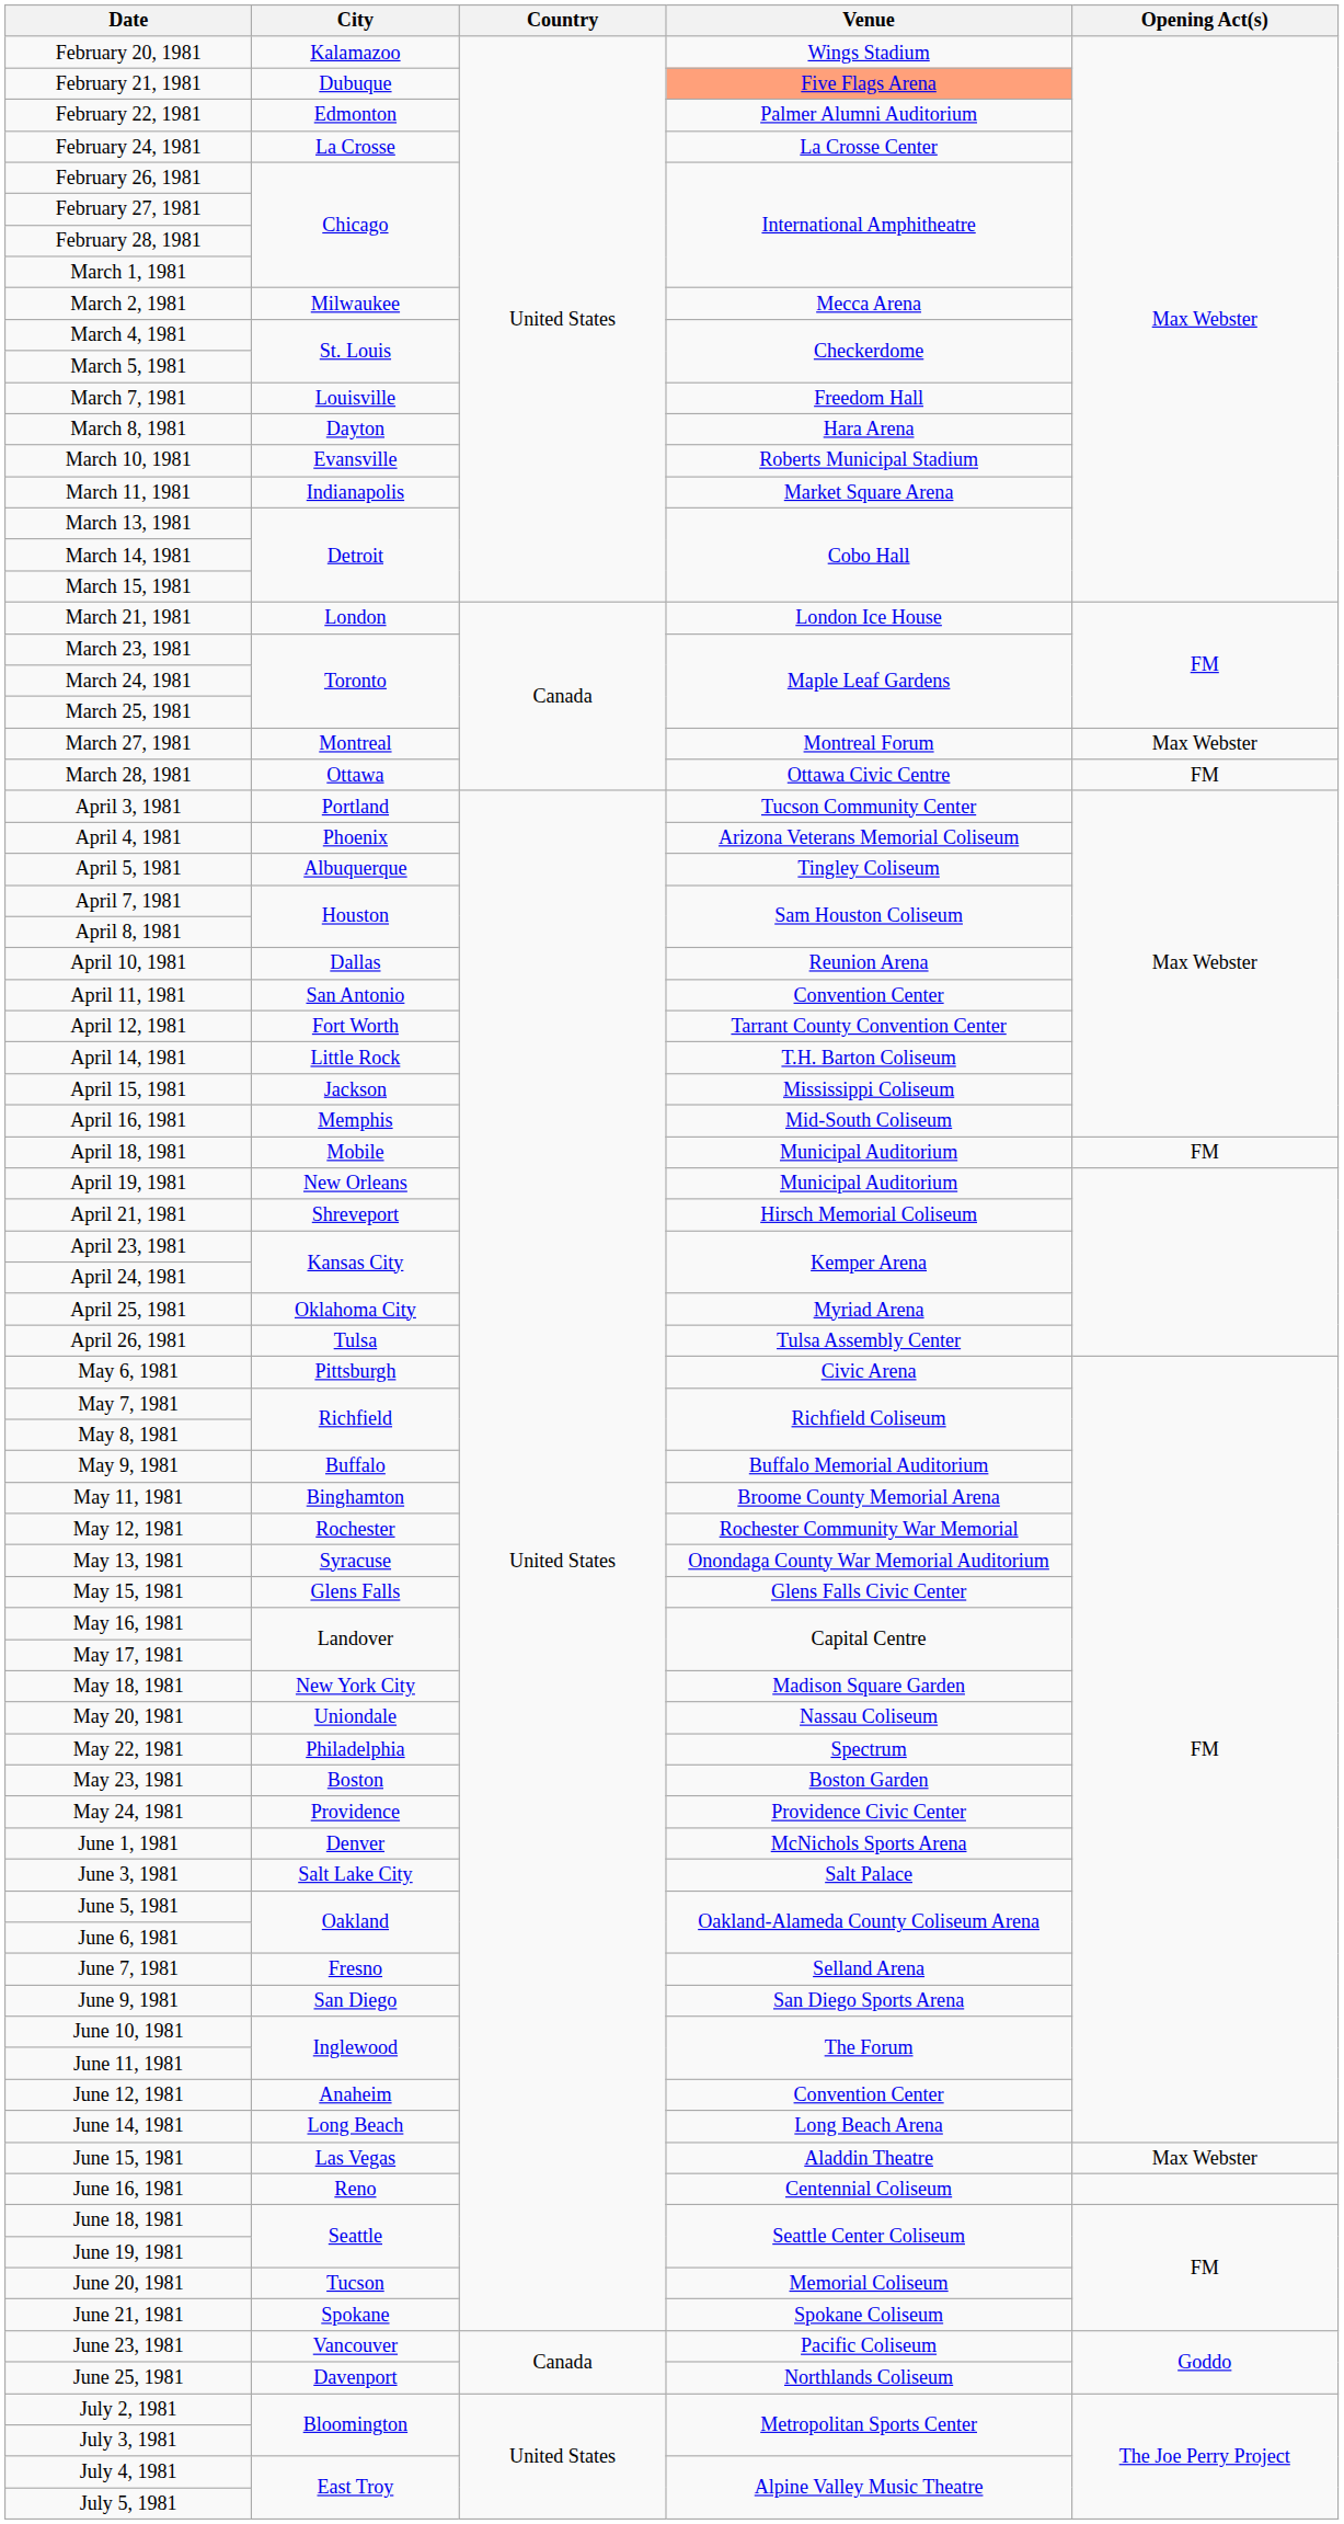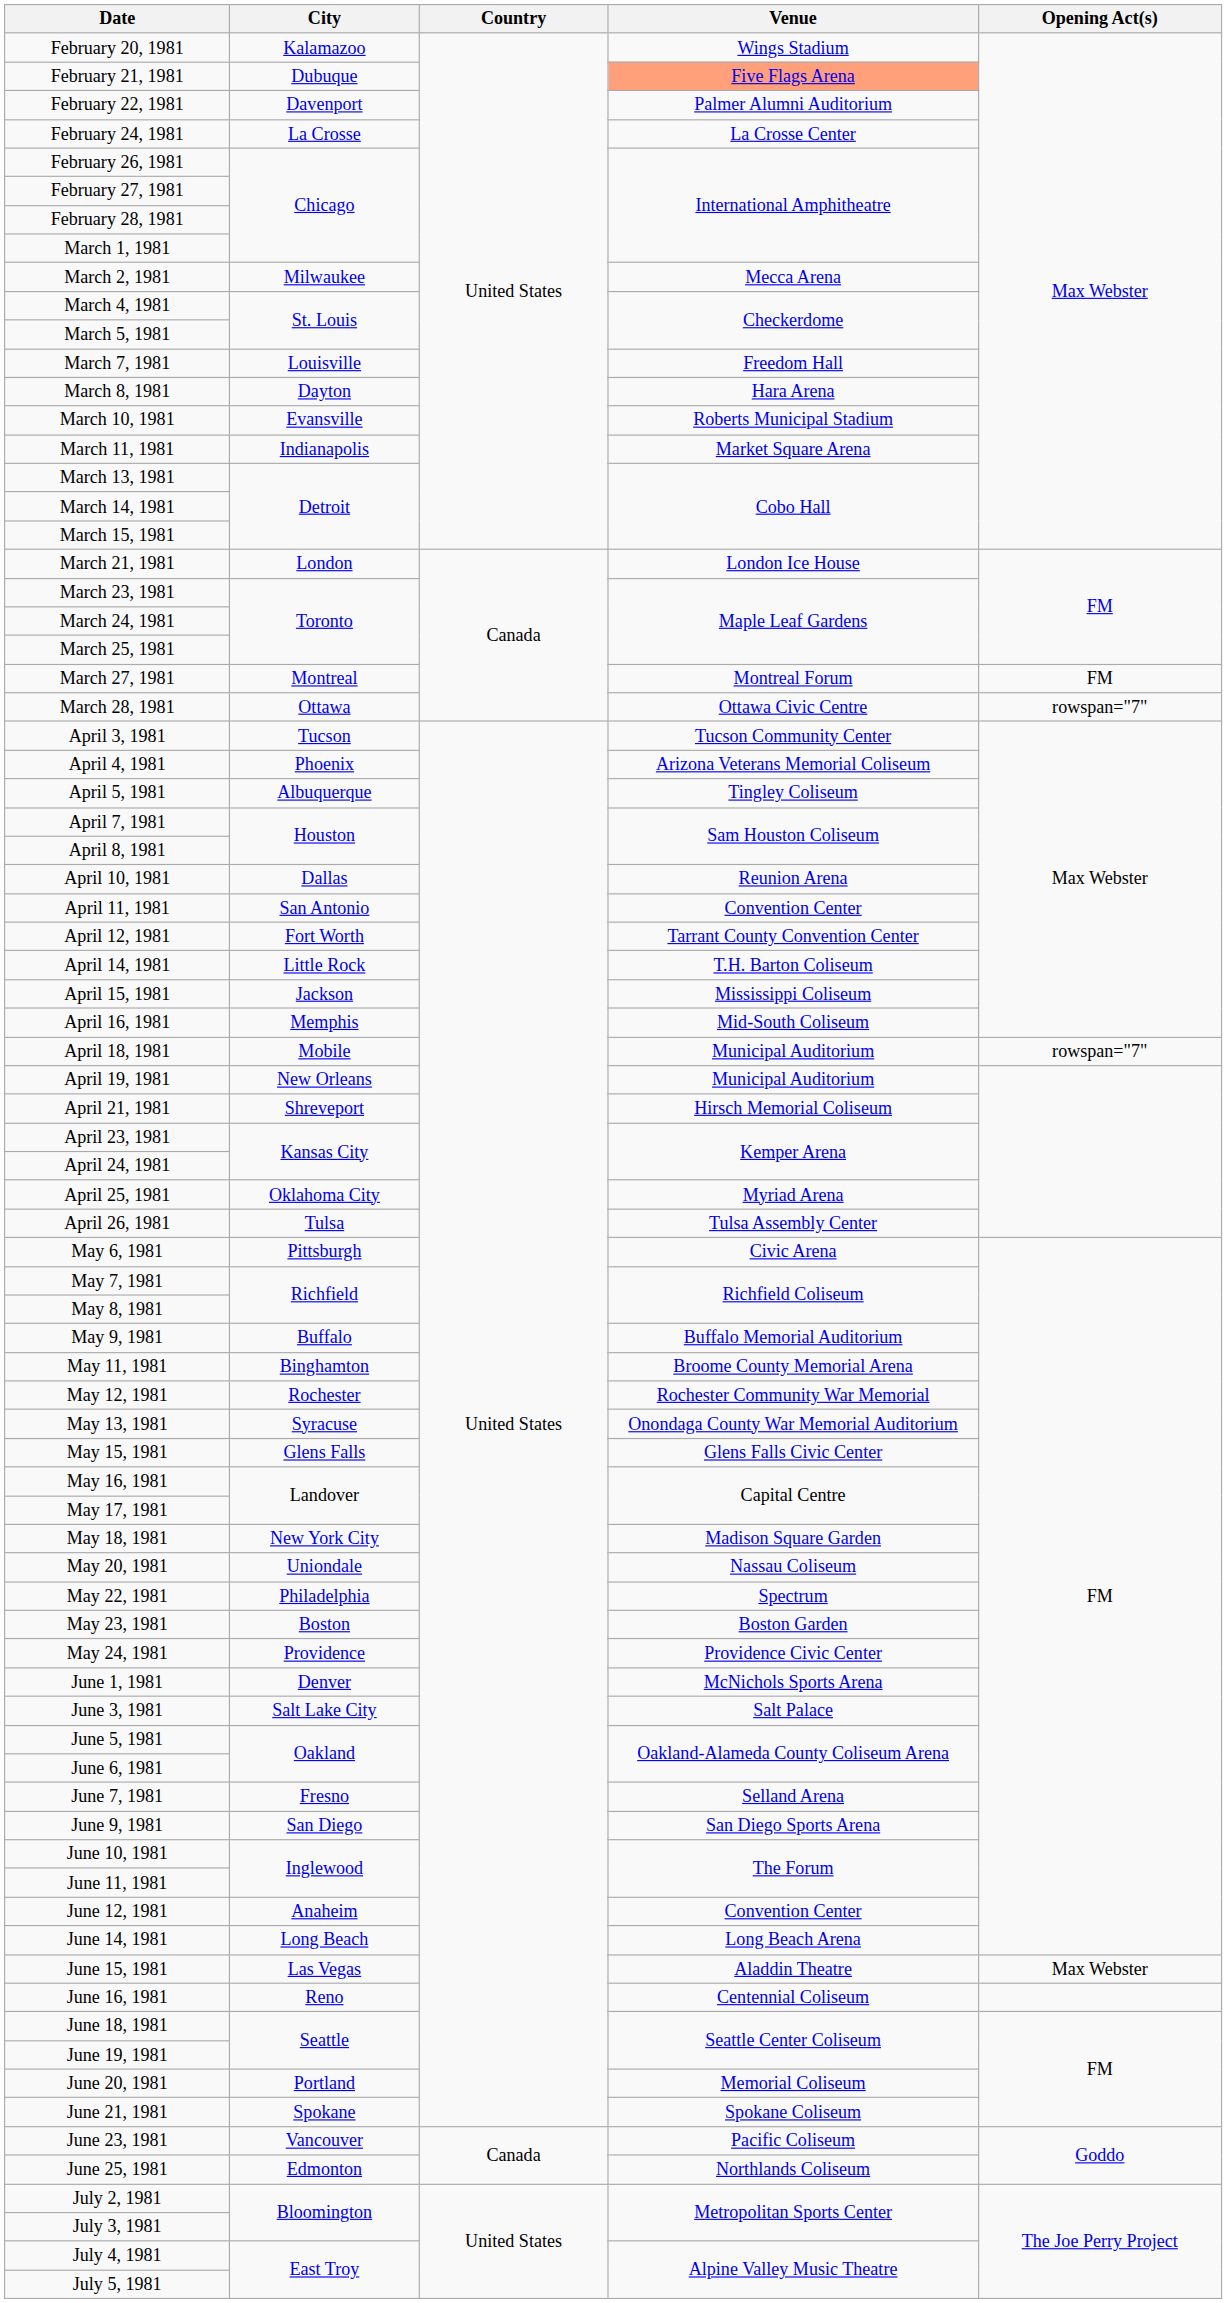 <table class="wikitable plainrowheaders" style="text-align:center;">
 <tr>
 <th scope="col" style="width:12em;">Date</th>
 <th scope="col" style="width:10em;">City</th>
 <th scope="col" style="width:10em;">Country</th>
 <th scope="col" style="width:20em;">Venue</th>
 <th scope="col" style="width:13em;">Opening Act(s)</th>
 </tr>
 <tr>
 <td>February 20, 1981</td>
 <td><a href='#'>Kalamazoo</a></td>
 <td rowspan="18">United States</td>
 <td><a href='#'>Wings Stadium</a></td>
 <td rowspan="18"><a href='#'>Max Webster</a></td>
 </tr>
 <tr>
 <td>February 21, 1981</td>
 <td><a href='#'>Dubuque</a></td>
 <td style="background: lightsalmon;"><a href='#'>Five Flags Arena</a></td>
 </tr>
 <tr>
 <td>February 22, 1981</td>
-<td><a href='#'>Edmonton</a></td>
+<td><a href='#'>Davenport</a></td>
 <td><a href='#'>Palmer Alumni Auditorium</a></td>
 </tr>
 <tr>
 <td>February 24, 1981</td>
 <td><a href='#'>La Crosse</a></td>
 <td><a href='#'>La Crosse Center</a></td>
 </tr>
 <tr>
 <td>February 26, 1981</td>
 <td rowspan="4"><a href='#'>Chicago</a></td>
 <td rowspan="4"><a href='#'>International Amphitheatre</a></td>
 </tr>
 <tr>
 <td>February 27, 1981</td>
 </tr>
 <tr>
 <td>February 28, 1981</td>
 </tr>
 <tr>
 <td>March 1, 1981</td>
 </tr>
 <tr>
 <td>March 2, 1981</td>
 <td><a href='#'>Milwaukee</a></td>
 <td><a href='#'>Mecca Arena</a></td>
 </tr>
 <tr>
 <td>March 4, 1981</td>
 <td rowspan="2"><a href='#'>St. Louis</a></td>
 <td rowspan="2"><a href='#'>Checkerdome</a></td>
 </tr>
 <tr>
 <td>March 5, 1981</td>
 </tr>
 <tr>
 <td>March 7, 1981</td>
 <td><a href='#'>Louisville</a></td>
 <td><a href='#'>Freedom Hall</a></td>
 </tr>
 <tr>
 <td>March 8, 1981</td>
 <td><a href='#'>Dayton</a></td>
 <td><a href='#'>Hara Arena</a></td>
 </tr>
 <tr>
 <td>March 10, 1981</td>
 <td><a href='#'>Evansville</a></td>
 <td><a href='#'>Roberts Municipal Stadium</a></td>
 </tr>
 <tr>
 <td>March 11, 1981</td>
 <td><a href='#'>Indianapolis</a></td>
 <td><a href='#'>Market Square Arena</a></td>
 </tr>
 <tr>
 <td>March 13, 1981</td>
 <td rowspan="3"><a href='#'>Detroit</a></td>
 <td rowspan="3"><a href='#'>Cobo Hall</a></td>
 </tr>
 <tr>
 <td>March 14, 1981</td>
 </tr>
 <tr>
 <td>March 15, 1981</td>
 </tr>
 <tr>
 <td>March 21, 1981</td>
 <td><a href='#'>London</a></td>
 <td rowspan="6">Canada</td>
 <td><a href='#'>London Ice House</a></td>
 <td rowspan="4"><a href='#'>FM</a></td>
 </tr>
 <tr>
 <td>March 23, 1981</td>
 <td rowspan="3"><a href='#'>Toronto</a></td>
 <td rowspan="3"><a href='#'>Maple Leaf Gardens</a></td>
 </tr>
 <tr>
 <td>March 24, 1981</td>
 </tr>
 <tr>
 <td>March 25, 1981</td>
 </tr>
 <tr>
 <td>March 27, 1981</td>
 <td><a href='#'>Montreal</a></td>
 <td><a href='#'>Montreal Forum</a></td>
-<td>Max Webster</td>
+<td>FM</td>
 </tr>
 <tr>
 <td>March 28, 1981</td>
 <td><a href='#'>Ottawa</a></td>
 <td><a href='#'>Ottawa Civic Centre</a></td>
-<td>FM</td>
+<td>rowspan="7" </td>
 </tr>
 <tr>
 <td>April 3, 1981</td>
-<td><a href='#'>Portland</a></td>
+<td><a href='#'>Tucson</a></td>
 <td rowspan="49">United States</td>
 <td><a href='#'>Tucson Community Center</a></td>
 <td rowspan="11">Max Webster</td>
 </tr>
 <tr>
 <td>April 4, 1981</td>
 <td><a href='#'>Phoenix</a></td>
 <td><a href='#'>Arizona Veterans Memorial Coliseum</a></td>
 </tr>
 <tr>
 <td>April 5, 1981</td>
 <td><a href='#'>Albuquerque</a></td>
 <td><a href='#'>Tingley Coliseum</a></td>
 </tr>
 <tr>
 <td>April 7, 1981</td>
 <td rowspan="2"><a href='#'>Houston</a></td>
 <td rowspan="2"><a href='#'>Sam Houston Coliseum</a></td>
 </tr>
 <tr>
 <td>April 8, 1981</td>
 </tr>
 <tr>
 <td>April 10, 1981</td>
 <td><a href='#'>Dallas</a></td>
 <td><a href='#'>Reunion Arena</a></td>
 </tr>
 <tr>
 <td>April 11, 1981</td>
 <td><a href='#'>San Antonio</a></td>
 <td><a href='#'>Convention Center</a></td>
 </tr>
 <tr>
 <td>April 12, 1981</td>
 <td><a href='#'>Fort Worth</a></td>
 <td><a href='#'>Tarrant County Convention Center</a></td>
 </tr>
 <tr>
 <td>April 14, 1981</td>
 <td><a href='#'>Little Rock</a></td>
 <td><a href='#'>T.H. Barton Coliseum</a></td>
 </tr>
 <tr>
 <td>April 15, 1981</td>
 <td><a href='#'>Jackson</a></td>
 <td><a href='#'>Mississippi Coliseum</a></td>
 </tr>
 <tr>
 <td>April 16, 1981</td>
 <td><a href='#'>Memphis</a></td>
 <td><a href='#'>Mid-South Coliseum</a></td>
 </tr>
 <tr>
 <td>April 18, 1981</td>
 <td><a href='#'>Mobile</a></td>
 <td><a href='#'>Municipal Auditorium</a></td>
-<td>FM</td>
+<td>rowspan="7" </td>
 </tr>
 <tr>
 <td>April 19, 1981</td>
 <td><a href='#'>New Orleans</a></td>
 <td><a href='#'>Municipal Auditorium</a></td>
 </tr>
 <tr>
 <td>April 21, 1981</td>
 <td><a href='#'>Shreveport</a></td>
 <td><a href='#'>Hirsch Memorial Coliseum</a></td>
 </tr>
 <tr>
 <td>April 23, 1981</td>
 <td rowspan="2"><a href='#'>Kansas City</a></td>
 <td rowspan="2"><a href='#'>Kemper Arena</a></td>
 </tr>
 <tr>
 <td>April 24, 1981</td>
 </tr>
 <tr>
 <td>April 25, 1981</td>
 <td><a href='#'>Oklahoma City</a></td>
 <td><a href='#'>Myriad Arena</a></td>
 </tr>
 <tr>
 <td>April 26, 1981</td>
 <td><a href='#'>Tulsa</a></td>
 <td><a href='#'>Tulsa Assembly Center</a></td>
 </tr>
 <tr>
 <td>May 6, 1981</td>
 <td><a href='#'>Pittsburgh</a></td>
 <td><a href='#'>Civic Arena</a></td>
 <td rowspan="25">FM</td>
 </tr>
 <tr>
 <td>May 7, 1981</td>
 <td rowspan="2"><a href='#'>Richfield</a></td>
 <td rowspan="2"><a href='#'>Richfield Coliseum</a></td>
 </tr>
 <tr>
 <td>May 8, 1981</td>
 </tr>
 <tr>
 <td>May 9, 1981</td>
 <td><a href='#'>Buffalo</a></td>
 <td><a href='#'>Buffalo Memorial Auditorium</a></td>
 </tr>
 <tr>
 <td>May 11, 1981</td>
 <td><a href='#'>Binghamton</a></td>
 <td><a href='#'>Broome County Memorial Arena</a></td>
 </tr>
 <tr>
 <td>May 12, 1981</td>
 <td><a href='#'>Rochester</a></td>
 <td><a href='#'>Rochester Community War Memorial</a></td>
 </tr>
 <tr>
 <td>May 13, 1981</td>
 <td><a href='#'>Syracuse</a></td>
 <td><a href='#'>Onondaga County War Memorial Auditorium</a></td>
 </tr>
 <tr>
 <td>May 15, 1981</td>
 <td><a href='#'>Glens Falls</a></td>
 <td><a href='#'>Glens Falls Civic Center</a></td>
 </tr>
 <tr>
 <td>May 16, 1981</td>
 <td rowspan="2">Landover</td>
 <td rowspan="2">Capital Centre</td>
 </tr>
 <tr>
 <td>May 17, 1981</td>
 </tr>
 <tr>
 <td>May 18, 1981</td>
 <td><a href='#'>New York City</a></td>
 <td><a href='#'>Madison Square Garden</a></td>
 </tr>
 <tr>
 <td>May 20, 1981</td>
 <td><a href='#'>Uniondale</a></td>
 <td><a href='#'>Nassau Coliseum</a></td>
 </tr>
 <tr>
 <td>May 22, 1981</td>
 <td><a href='#'>Philadelphia</a></td>
 <td><a href='#'>Spectrum</a></td>
 </tr>
 <tr>
 <td>May 23, 1981</td>
 <td><a href='#'>Boston</a></td>
 <td><a href='#'>Boston Garden</a></td>
 </tr>
 <tr>
 <td>May 24, 1981</td>
 <td><a href='#'>Providence</a></td>
 <td><a href='#'>Providence Civic Center</a></td>
 </tr>
 <tr>
 <td>June 1, 1981</td>
 <td><a href='#'>Denver</a></td>
 <td><a href='#'>McNichols Sports Arena</a></td>
 </tr>
 <tr>
 <td>June 3, 1981</td>
 <td><a href='#'>Salt Lake City</a></td>
 <td><a href='#'>Salt Palace</a></td>
 </tr>
 <tr>
 <td>June 5, 1981</td>
 <td rowspan="2"><a href='#'>Oakland</a></td>
 <td rowspan="2"><a href='#'>Oakland-Alameda County Coliseum Arena</a></td>
 </tr>
 <tr>
 <td>June 6, 1981</td>
 </tr>
 <tr>
 <td>June 7, 1981</td>
 <td><a href='#'>Fresno</a></td>
 <td><a href='#'>Selland Arena</a></td>
 </tr>
 <tr>
 <td>June 9, 1981</td>
 <td><a href='#'>San Diego</a></td>
 <td><a href='#'>San Diego Sports Arena</a></td>
 </tr>
 <tr>
 <td>June 10, 1981</td>
 <td rowspan="2"><a href='#'>Inglewood</a></td>
 <td rowspan="2"><a href='#'>The Forum</a></td>
 </tr>
 <tr>
 <td>June 11, 1981</td>
 </tr>
 <tr>
 <td>June 12, 1981</td>
 <td><a href='#'>Anaheim</a></td>
 <td><a href='#'>Convention Center</a></td>
 </tr>
 <tr>
 <td>June 14, 1981</td>
 <td><a href='#'>Long Beach</a></td>
 <td><a href='#'>Long Beach Arena</a></td>
 </tr>
 <tr>
 <td>June 15, 1981</td>
 <td><a href='#'>Las Vegas</a></td>
 <td><a href='#'>Aladdin Theatre</a></td>
 <td>Max Webster</td>
 </tr>
 <tr>
 <td>June 16, 1981</td>
 <td><a href='#'>Reno</a></td>
 <td><a href='#'>Centennial Coliseum</a></td>
 </tr>
 <tr>
 <td>June 18, 1981</td>
 <td rowspan="2"><a href='#'>Seattle</a></td>
 <td rowspan="2"><a href='#'>Seattle Center Coliseum</a></td>
 <td rowspan="4">FM</td>
 </tr>
 <tr>
 <td>June 19, 1981</td>
 </tr>
 <tr>
 <td>June 20, 1981</td>
-<td><a href='#'>Tucson</a></td>
+<td><a href='#'>Portland</a></td>
 <td><a href='#'>Memorial Coliseum</a></td>
 </tr>
 <tr>
 <td>June 21, 1981</td>
 <td><a href='#'>Spokane</a></td>
 <td><a href='#'>Spokane Coliseum</a></td>
 </tr>
 <tr>
 <td>June 23, 1981</td>
 <td><a href='#'>Vancouver</a></td>
 <td rowspan="2">Canada</td>
 <td><a href='#'>Pacific Coliseum</a></td>
 <td rowspan="2"><a href='#'>Goddo</a></td>
 </tr>
 <tr>
 <td>June 25, 1981</td>
-<td><a href='#'>Davenport</a></td>
+<td><a href='#'>Edmonton</a></td>
 <td><a href='#'>Northlands Coliseum</a></td>
 </tr>
 <tr>
 <td>July 2, 1981</td>
 <td rowspan="2"><a href='#'>Bloomington</a></td>
 <td rowspan="4">United States</td>
 <td rowspan="2"><a href='#'>Metropolitan Sports Center</a></td>
 <td rowspan="4"><a href='#'>The Joe Perry Project</a></td>
 </tr>
 <tr>
 <td>July 3, 1981</td>
 </tr>
 <tr>
 <td>July 4, 1981</td>
 <td rowspan="2"><a href='#'>East Troy</a></td>
 <td rowspan="2"><a href='#'>Alpine Valley Music Theatre</a></td>
 </tr>
 <tr>
 <td>July 5, 1981</td>
 </tr>
 </table>
